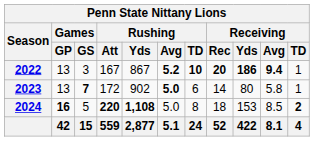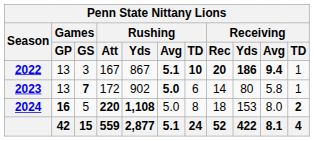 <table class="wikitable" style="text-align:center;">
 <tr>
 <th colspan="15">Penn State Nittany Lions</th>
 </tr>
 <tr>
 <th rowspan="2">Season</th>
 <th colspan="2">Games</th>
 <th colspan="4">Rushing</th>
 <th colspan="4">Receiving</th>
 </tr>
 <tr>
 <th>GP</th>
 <th>GS</th>
 <th>Att</th>
 <th>Yds</th>
 <th>Avg</th>
 <th>TD</th>
 <th>Rec</th>
 <th>Yds</th>
 <th>Avg</th>
 <th>TD</th>
 </tr>
 <tr>
 <th><a href='#'>2022</a></th>
 <td>13</td>
 <td>3</td>
 <td>167</td>
 <td>867</td>
-<td><strong>5.2</strong></td>
+<td><strong>5.1</strong></td>
 <td><strong>10</strong></td>
 <td><strong>20</strong></td>
 <td><strong>186</strong></td>
 <td><strong>9.4</strong></td>
 <td>1</td>
 </tr>
 <tr>
 <th><a href='#'>2023</a></th>
 <td>13</td>
 <td><strong>7</strong></td>
 <td>172</td>
 <td>902</td>
 <td><strong>5.0</strong></td>
 <td>6</td>
 <td>14</td>
 <td>80</td>
 <td>5.8</td>
 <td>1</td>
 </tr>
 <tr>
 <th><a href='#'>2024</a></th>
 <td><strong>16</strong></td>
 <td>5</td>
 <td><strong>220</strong></td>
 <td><strong>1,108</strong></td>
 <td>5.0</td>
 <td>8</td>
 <td>18</td>
 <td>153</td>
-<td>8.5</td>
+<td>8.0</td>
 <td><strong>2</strong></td>
 </tr>
 <tr>
 <th></th>
 <th>42</th>
 <th>15</th>
 <th>559</th>
 <th>2,877</th>
 <th>5.1</th>
 <th>24</th>
 <th>52</th>
 <th>422</th>
 <th>8.1</th>
 <th>4</th>
 </tr>
 </table>
